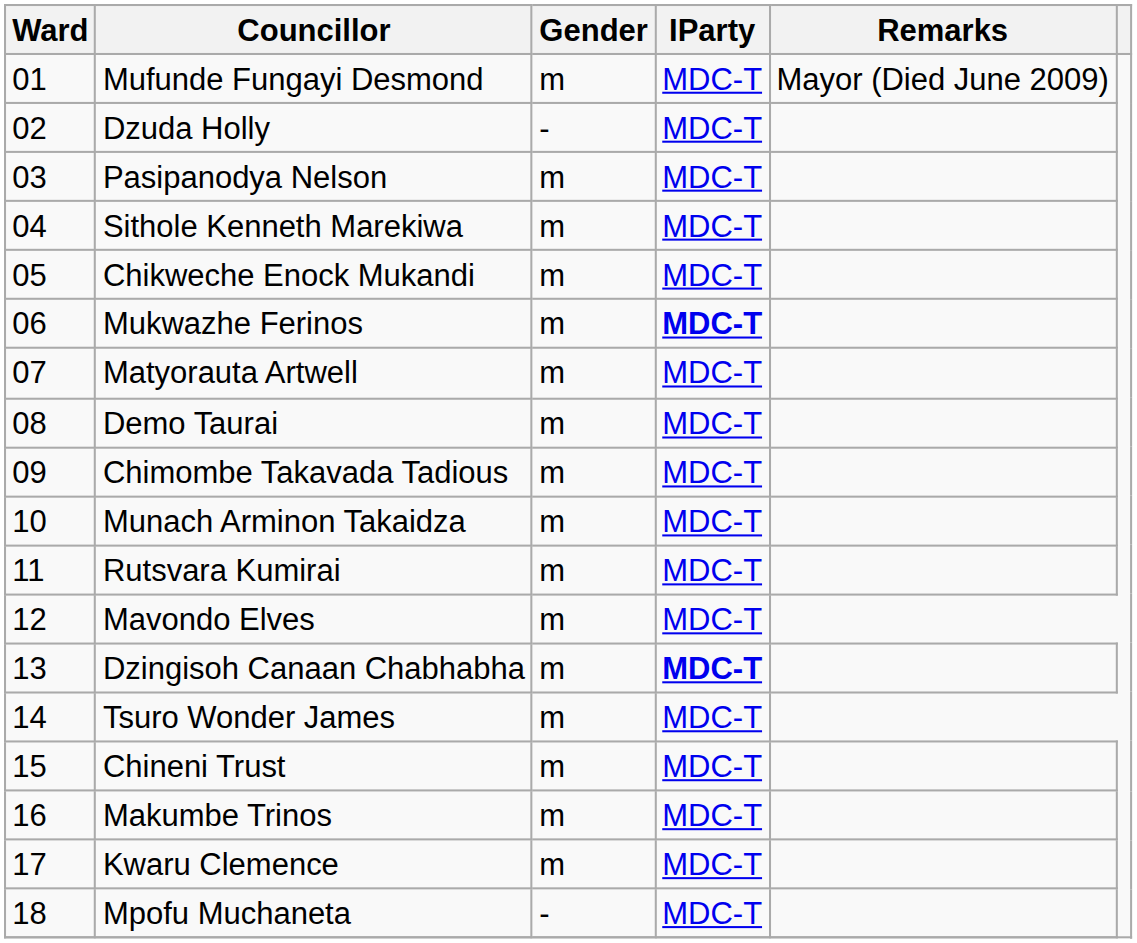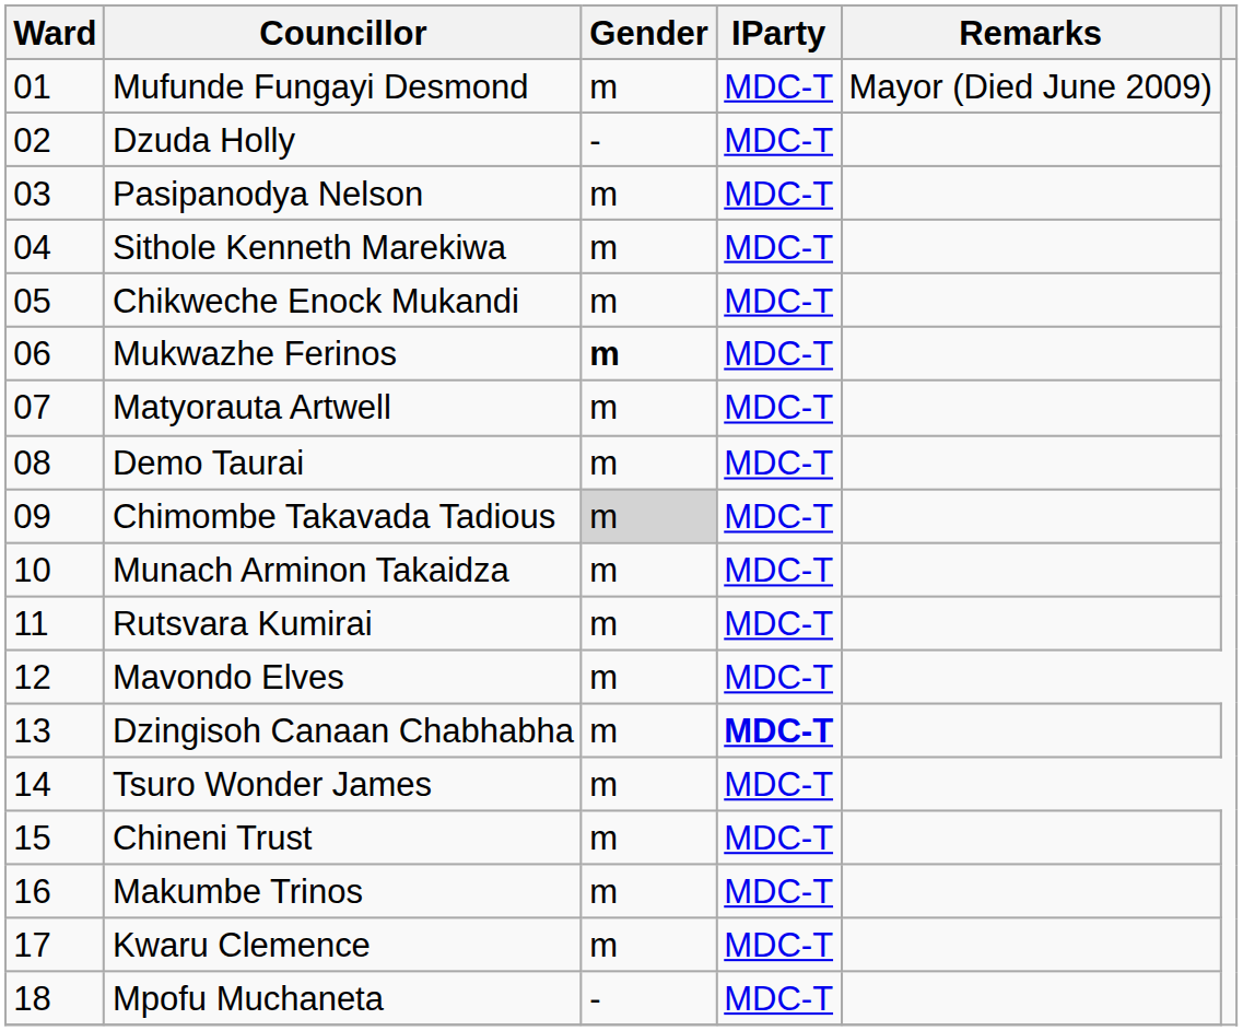 <table class="wikitable sortable" style="font-size: 95%;">
 <tr>
 <th>Ward</th>
 <th>Councillor</th>
 <th>Gender</th>
 <th>IParty</th>
 <th>Remarks</th>
 <th></th>
 </tr>
 <tr>
 <td>01</td>
 <td>Mufunde Fungayi Desmond</td>
 <td>m</td>
 <td><a href='#'>MDC-T</a></td>
 <td>Mayor (Died June 2009)</td>
 </tr>
 <tr>
 <td>02</td>
 <td>Dzuda Holly</td>
 <td>-</td>
 <td><a href='#'>MDC-T</a></td>
 <td></td>
 </tr>
 <tr>
 <td>03</td>
 <td>Pasipanodya Nelson</td>
 <td>m</td>
 <td><a href='#'>MDC-T</a></td>
 <td></td>
 </tr>
 <tr>
 <td>04</td>
 <td>Sithole Kenneth Marekiwa</td>
 <td>m</td>
 <td><a href='#'>MDC-T</a></td>
 <td></td>
 </tr>
 <tr>
 <td>05</td>
 <td>Chikweche Enock Mukandi</td>
 <td>m</td>
 <td><a href='#'>MDC-T</a></td>
 <td></td>
 </tr>
 <tr>
 <td>06</td>
 <td>Mukwazhe Ferinos</td>
-<td>m</td>
-<td><strong><a href='#'>MDC-T</a></strong></td>
+<td><strong>m</strong></td>
+<td><a href='#'>MDC-T</a></td>
 <td></td>
 </tr>
 <tr>
 <td>07</td>
 <td>Matyorauta Artwell</td>
 <td>m</td>
 <td><a href='#'>MDC-T</a></td>
 <td></td>
 </tr>
 <tr>
 <td>08</td>
 <td>Demo Taurai</td>
 <td>m</td>
 <td><a href='#'>MDC-T</a></td>
 <td></td>
 </tr>
 <tr>
 <td>09</td>
 <td>Chimombe Takavada Tadious</td>
-<td>m</td>
+<td style="background: lightgrey;">m</td>
 <td><a href='#'>MDC-T</a></td>
 <td></td>
 </tr>
 <tr>
 <td>10</td>
 <td>Munach Arminon Takaidza</td>
 <td>m</td>
 <td><a href='#'>MDC-T</a></td>
 <td></td>
 </tr>
 <tr>
 <td>11</td>
 <td>Rutsvara Kumirai</td>
 <td>m</td>
 <td><a href='#'>MDC-T</a></td>
 <td></td>
 </tr>
 <tr>
 <td>12</td>
 <td>Mavondo Elves</td>
 <td>m</td>
 <td><a href='#'>MDC-T</a></td>
 </tr>
 <tr>
 <td>13</td>
 <td>Dzingisoh Canaan Chabhabha</td>
 <td>m</td>
 <td><strong><a href='#'>MDC-T</a></strong></td>
 <td></td>
 </tr>
 <tr>
 <td>14</td>
 <td>Tsuro Wonder James</td>
 <td>m</td>
 <td><a href='#'>MDC-T</a></td>
 </tr>
 <tr>
 <td>15</td>
 <td>Chineni Trust</td>
 <td>m</td>
 <td><a href='#'>MDC-T</a></td>
 <td></td>
 </tr>
 <tr>
 <td>16</td>
 <td>Makumbe Trinos</td>
 <td>m</td>
 <td><a href='#'>MDC-T</a></td>
 <td></td>
 </tr>
 <tr>
 <td>17</td>
 <td>Kwaru Clemence</td>
 <td>m</td>
 <td><a href='#'>MDC-T</a></td>
 <td></td>
 </tr>
 <tr>
 <td>18</td>
 <td>Mpofu Muchaneta</td>
 <td>-</td>
 <td><a href='#'>MDC-T</a></td>
 <td></td>
 </tr>
 <tr>
 </tr>
 </table>
